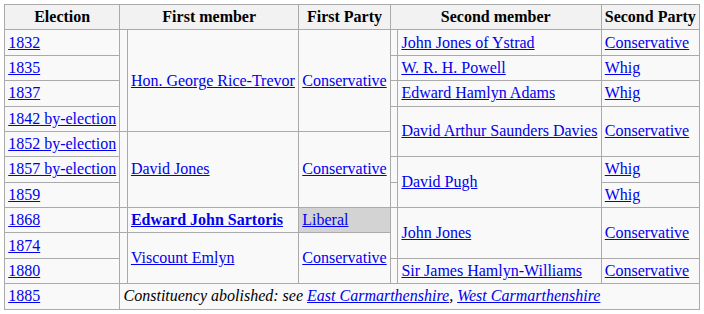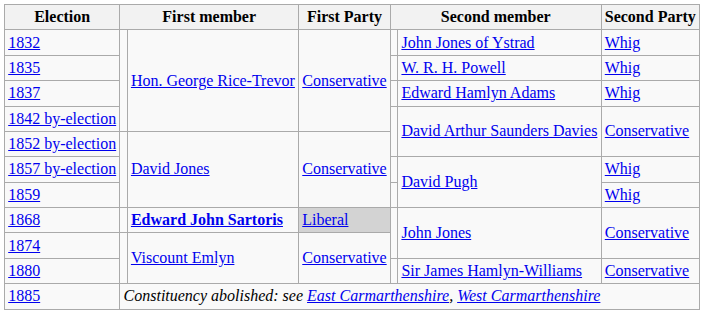 <table class="wikitable">
 <tr>
 <th>Election</th>
 <th colspan="2">First member</th>
 <th>First Party</th>
 <th colspan="2">Second member</th>
 <th>Second Party</th>
 </tr>
 <tr>
 <td><a href='#'>1832</a></td>
 <td rowspan="4" style="color:inherit;background-color: "></td>
 <td rowspan="4"><a href='#'>Hon. George Rice-Trevor</a></td>
 <td rowspan="4"><a href='#'>Conservative</a></td>
 <td style="color:inherit;background-color: "></td>
 <td><a href='#'>John Jones of Ystrad</a></td>
-<td><a href='#'>Conservative</a></td>
+<td><a href='#'>Whig</a></td>
 </tr>
 <tr>
 <td><a href='#'>1835</a></td>
 <td style="color:inherit;background-color: "></td>
 <td><a href='#'>W. R. H. Powell</a></td>
 <td><a href='#'>Whig</a></td>
 </tr>
 <tr>
 <td><a href='#'>1837</a></td>
 <td style="color:inherit;background-color: "></td>
 <td><a href='#'>Edward Hamlyn Adams</a></td>
 <td><a href='#'>Whig</a></td>
 </tr>
 <tr>
 <td><a href='#'>1842 by-election</a></td>
 <td rowspan="2" style="color:inherit;background-color: "></td>
 <td rowspan="2"><a href='#'>David Arthur Saunders Davies</a></td>
 <td rowspan="2"><a href='#'>Conservative</a></td>
 </tr>
 <tr>
 <td><a href='#'>1852 by-election</a></td>
 <td rowspan="3" style="color:inherit;background-color: "></td>
 <td rowspan="3"><a href='#'>David Jones</a></td>
 <td rowspan="3"><a href='#'>Conservative</a></td>
 </tr>
 <tr>
 <td><a href='#'>1857 by-election</a></td>
 <td style="color:inherit;background-color: "></td>
 <td rowspan="2"><a href='#'>David Pugh</a></td>
 <td><a href='#'>Whig</a></td>
 </tr>
 <tr>
 <td><a href='#'>1859</a></td>
 <td style="color:inherit;background-color: "></td>
 <td><a href='#'>Whig</a></td>
 </tr>
 <tr>
 <td><a href='#'>1868</a></td>
 <td style="color:inherit;background-color: "></td>
 <td><strong><a href='#'>Edward John Sartoris</a></strong></td>
 <td style="background: lightgrey;"><a href='#'>Liberal</a></td>
 <td rowspan="2" style="color:inherit;background-color: "></td>
 <td rowspan="2"><a href='#'>John Jones</a></td>
 <td rowspan="2"><a href='#'>Conservative</a></td>
 </tr>
 <tr>
 <td><a href='#'>1874</a></td>
 <td rowspan="2" style="color:inherit;background-color: "></td>
 <td rowspan="2"><a href='#'>Viscount Emlyn</a></td>
 <td rowspan="2"><a href='#'>Conservative</a></td>
 </tr>
 <tr>
 <td><a href='#'>1880</a></td>
 <td style="color:inherit;background-color: "></td>
 <td><a href='#'>Sir James Hamlyn-Williams</a></td>
 <td><a href='#'>Conservative</a></td>
 </tr>
 <tr>
 <td><a href='#'>1885</a></td>
 <td colspan="6"><em>Constituency abolished: see <a href='#'>East Carmarthenshire</a>, <a href='#'>West Carmarthenshire</a></em></td>
 </tr>
 </table>
